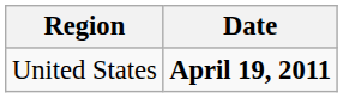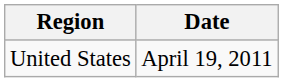 <table class="wikitable">
 <tr>
 <th>Region</th>
 <th>Date</th>
 </tr>
 <tr>
 <td>United States</td>
-<td><strong>April 19, 2011</strong></td>
+<td>April 19, 2011</td>
 </tr>
 </table>
